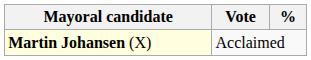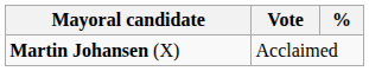 <table class="wikitable">
 <tr>
 <th width="200px">Mayoral candidate</th>
 <th width="50px">Vote</th>
 <th width="30px">%</th>
 </tr>
 <tr>
-<td style="background: lightyellow;"><strong>Martin Johansen</strong> (X) </td>
+<td><strong>Martin Johansen</strong> (X) </td>
 <td colspan="2">Acclaimed</td>
 </tr>
 </table>
